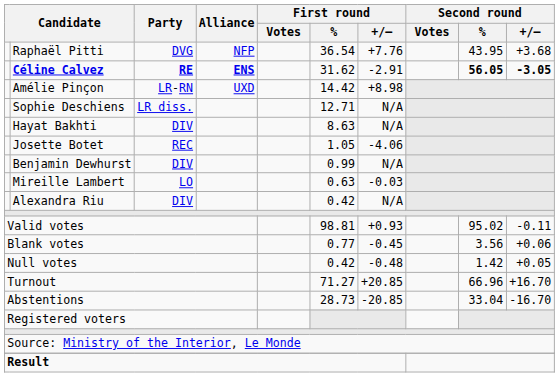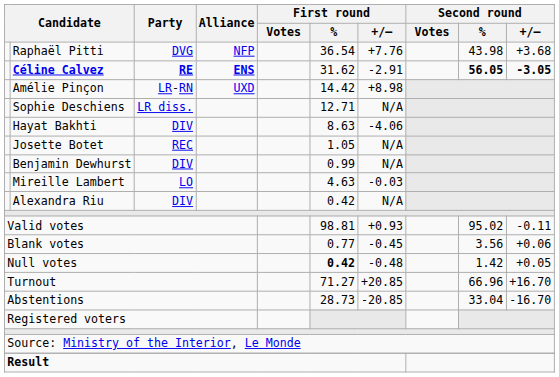 <table class="wikitable" style="text-align:right;font-size:95%;">
 <tr>
 <th rowspan="2" colspan="2">Candidate</th>
 <th rowspan="2">Party</th>
 <th rowspan="2">Alliance</th>
 <th colspan="3">First round</th>
 <th colspan="3">Second round</th>
 </tr>
 <tr>
 <th style="width:50px;">Votes</th>
 <th style="width:45px;">%</th>
 <th style="width:45px;">+/–</th>
 <th style="width:50px;">Votes</th>
 <th style="width:45px;">%</th>
 <th style="width:45px;">+/–</th>
 </tr>
 <tr>
 <td style="color:inherit;background:"></td>
 <td style="text-align:left;">Raphaël Pitti</td>
 <td><a href='#'>DVG</a></td>
 <td><a href='#'>NFP</a></td>
 <td></td>
 <td>36.54</td>
 <td>+7.76</td>
 <td></td>
-<td>43.95</td>
+<td>43.98</td>
 <td>+3.68</td>
 </tr>
 <tr>
 <td style="color:inherit;background:"></td>
 <td style="text-align:left;"><strong><a href='#'>Céline Calvez</a></strong></td>
 <td><a href='#'><strong>RE</strong></a></td>
 <td><a href='#'><strong>ENS</strong></a></td>
 <td></td>
 <td>31.62</td>
 <td>-2.91</td>
 <td><strong></strong></td>
 <td><strong>56.05</strong></td>
 <td><strong>-3.05</strong></td>
 </tr>
 <tr>
 <td style="color:inherit;background:"></td>
 <td style="text-align:left;">Amélie Pinçon</td>
 <td><a href='#'>LR</a>-<a href='#'>RN</a></td>
 <td><a href='#'>UXD</a></td>
 <td></td>
 <td>14.42</td>
 <td>+8.98</td>
 <td colspan="3" style="background:#E9E9E9;"></td>
 </tr>
 <tr>
 <td style="color:inherit;background:"></td>
 <td style="text-align:left;">Sophie Deschiens</td>
 <td><a href='#'>LR diss.</a></td>
 <td></td>
 <td></td>
 <td>12.71</td>
 <td>N/A</td>
 <td colspan="3" style="background:#E9E9E9;"></td>
 </tr>
 <tr>
 <td style="color:inherit;background:"></td>
 <td style="text-align:left;">Hayat Bakhti</td>
 <td><a href='#'>DIV</a></td>
 <td></td>
 <td></td>
 <td>8.63</td>
-<td>N/A</td>
+<td>-4.06</td>
 <td colspan="3" style="background:#E9E9E9;"></td>
 </tr>
 <tr>
 <td style="color:inherit;background:"></td>
 <td style="text-align:left;">Josette Botet</td>
 <td><a href='#'>REC</a></td>
 <td></td>
 <td></td>
 <td>1.05</td>
-<td>-4.06</td>
+<td>N/A</td>
 <td colspan="3" style="background:#E9E9E9;"></td>
 </tr>
 <tr>
 <td style="color:inherit;background:"></td>
 <td style="text-align:left;">Benjamin Dewhurst</td>
 <td><a href='#'>DIV</a></td>
 <td></td>
 <td></td>
 <td>0.99</td>
 <td>N/A</td>
 <td colspan="3" style="background:#E9E9E9;"></td>
 </tr>
 <tr>
 <td style="color:inherit;background:"></td>
 <td style="text-align:left;">Mireille Lambert</td>
 <td><a href='#'>LO</a></td>
 <td></td>
 <td></td>
-<td>0.63</td>
+<td>4.63</td>
 <td>-0.03</td>
 <td colspan="3" style="background:#E9E9E9;"></td>
 </tr>
 <tr>
 <td style="color:inherit;background:"></td>
 <td style="text-align:left;">Alexandra Riu</td>
 <td><a href='#'>DIV</a></td>
 <td></td>
 <td></td>
 <td>0.42</td>
 <td>N/A</td>
 <td colspan="3" style="background:#E9E9E9;"></td>
 </tr>
 <tr>
 <td colspan="10" style="background:#E9E9E9;"></td>
 </tr>
 <tr>
 <td colspan="4" style="text-align:left;">Valid votes</td>
 <td></td>
 <td>98.81</td>
 <td>+0.93</td>
 <td></td>
 <td>95.02</td>
 <td>-0.11</td>
 </tr>
 <tr>
 <td colspan="4" style="text-align:left;">Blank votes</td>
 <td></td>
 <td>0.77</td>
 <td>-0.45</td>
 <td></td>
 <td>3.56</td>
 <td>+0.06</td>
 </tr>
 <tr>
 <td colspan="4" style="text-align:left;">Null votes</td>
 <td></td>
-<td>0.42</td>
+<td><strong>0.42</strong></td>
 <td>-0.48</td>
 <td></td>
 <td>1.42</td>
 <td>+0.05</td>
 </tr>
 <tr>
 <td colspan="4" style="text-align:left;">Turnout</td>
 <td></td>
 <td>71.27</td>
 <td>+20.85</td>
 <td></td>
 <td>66.96</td>
 <td>+16.70</td>
 </tr>
 <tr>
 <td colspan="4" style="text-align:left;">Abstentions</td>
 <td></td>
 <td>28.73</td>
 <td>-20.85</td>
 <td></td>
 <td>33.04</td>
 <td>-16.70</td>
 </tr>
 <tr>
 <td colspan="4" style="text-align:left;">Registered voters</td>
 <td></td>
 <td colspan="2" style="background:#E9E9E9;"></td>
 <td></td>
 <td colspan="2" style="background:#E9E9E9;"></td>
 </tr>
 <tr>
 <td colspan="10" style="background:#E9E9E9;"></td>
 </tr>
 <tr>
 <td colspan="10" style="text-align:left;">Source: <a href='#'>Ministry of the Interior</a>, <a href='#'>Le Monde</a></td>
 </tr>
 <tr>
 </tr>
 <tr style="font-weight:bold">
 <td colspan="7" style="text-align:left;">Result</td>
 <td colspan="7" style="background-color:"></td>
 </tr>
 </table>
